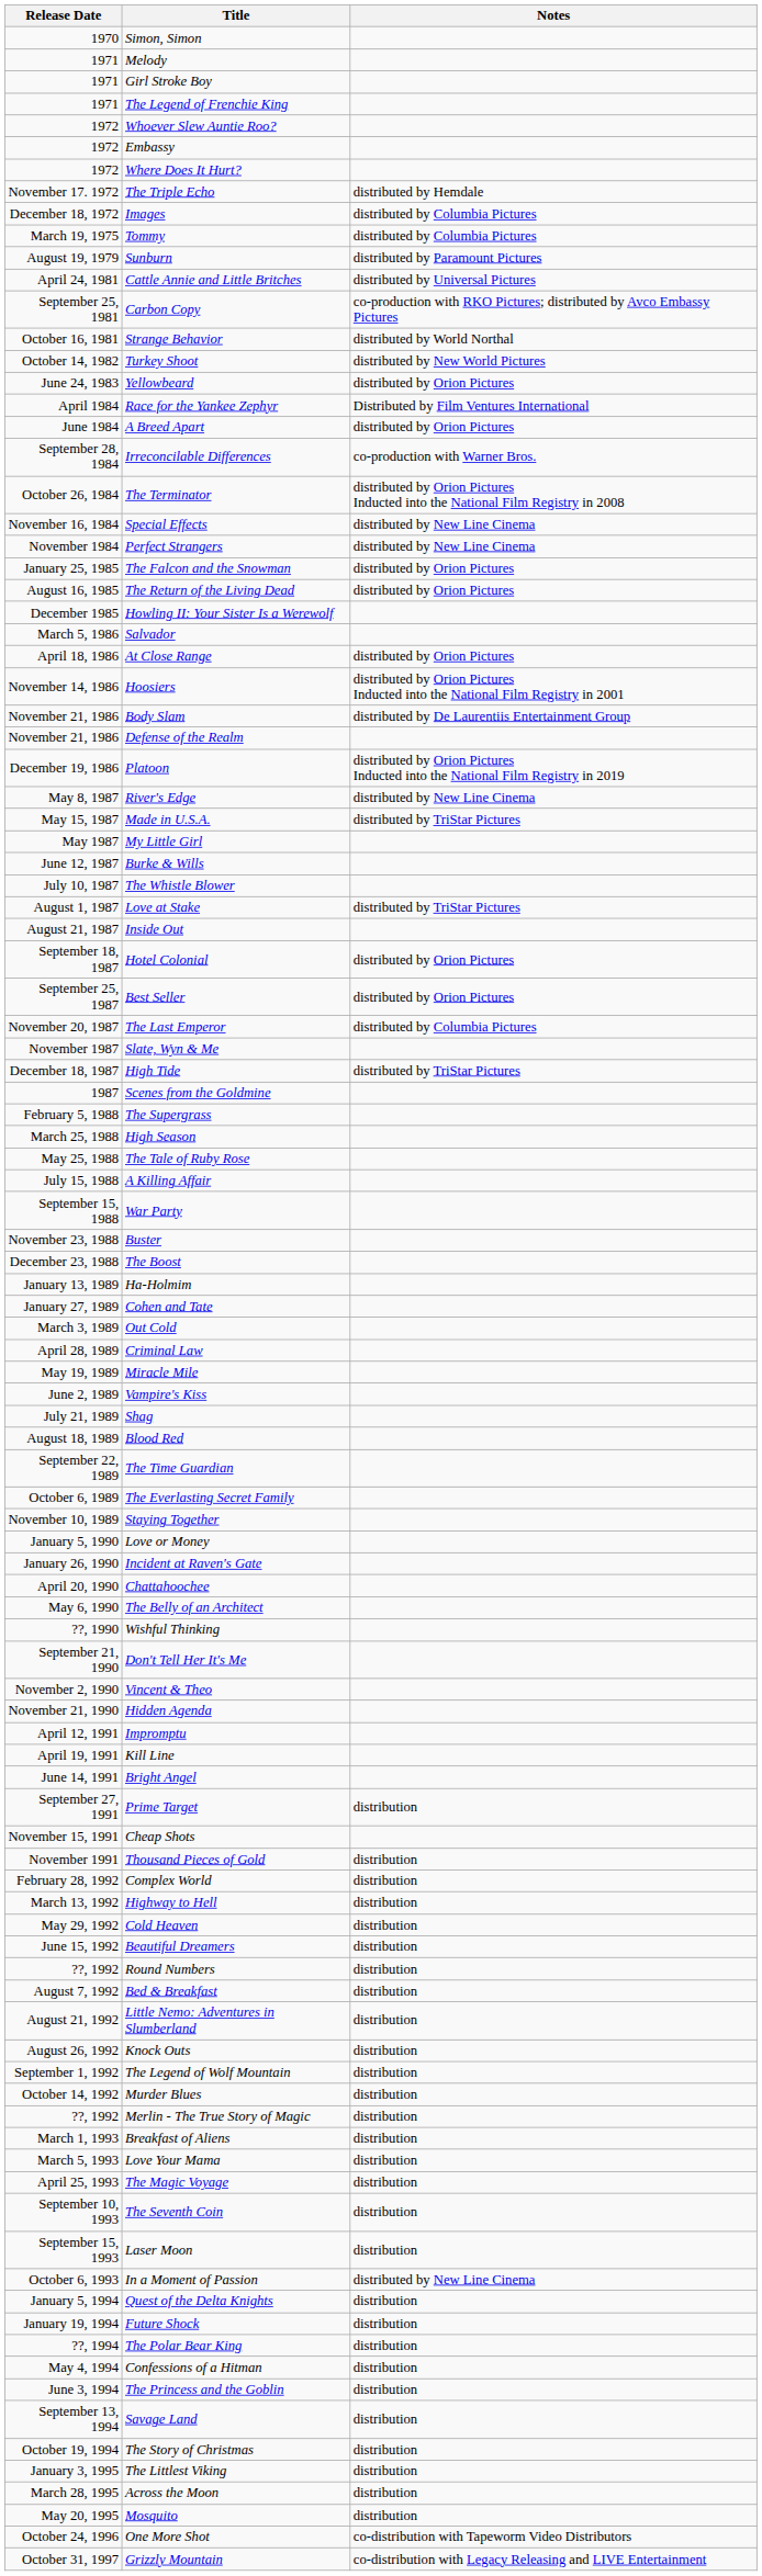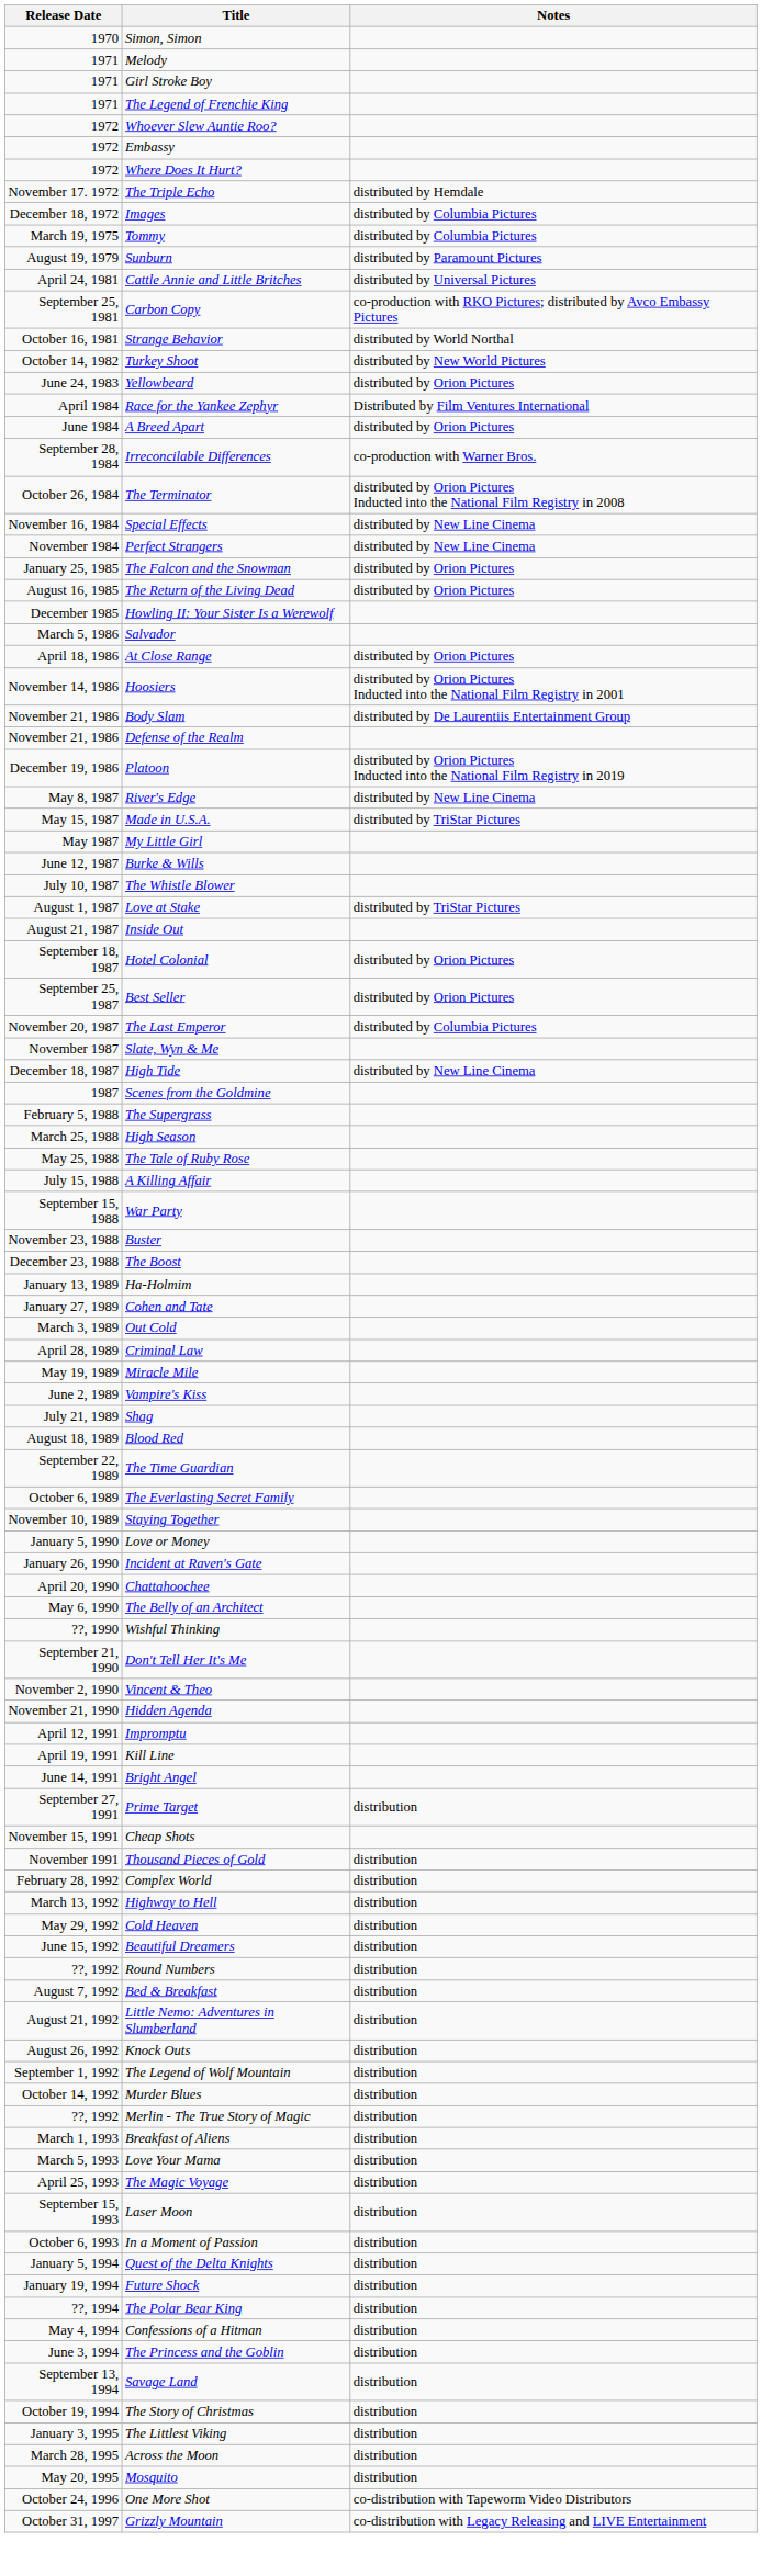 <table class="wikitable sortable">
 <tr>
 <th>Release Date</th>
 <th>Title</th>
 <th>Notes</th>
 </tr>
 <tr>
 <td style=text-align:right>1970</td>
 <td><em>Simon, Simon</em></td>
 <td></td>
 </tr>
 <tr>
 <td style=text-align:right>1971</td>
 <td><em>Melody</em></td>
 <td></td>
 </tr>
 <tr>
 <td style=text-align:right>1971</td>
 <td><em>Girl Stroke Boy</em></td>
 <td></td>
 </tr>
 <tr>
 <td style=text-align:right>1971</td>
 <td><em><a href='#'>The Legend of Frenchie King</a></em></td>
 <td></td>
 </tr>
 <tr>
 <td style=text-align:right>1972</td>
 <td><em><a href='#'>Whoever Slew Auntie Roo?</a></em></td>
 <td></td>
 </tr>
 <tr>
 <td style=text-align:right>1972</td>
 <td><em>Embassy</em></td>
 <td></td>
 </tr>
 <tr>
 <td style=text-align:right>1972</td>
 <td><em><a href='#'>Where Does It Hurt?</a></em></td>
 <td></td>
 </tr>
 <tr>
 <td style=text-align:right>November 17. 1972</td>
 <td><em><a href='#'>The Triple Echo</a></em></td>
 <td>distributed by Hemdale</td>
 </tr>
 <tr>
 <td style=text-align:right>December 18, 1972</td>
 <td><em><a href='#'>Images</a></em></td>
 <td>distributed by <a href='#'>Columbia Pictures</a></td>
 </tr>
 <tr>
 <td style="text-align:right">March 19, 1975</td>
 <td><em><a href='#'>Tommy</a></em></td>
 <td>distributed by <a href='#'>Columbia Pictures</a></td>
 </tr>
 <tr>
 <td style="text-align:right;">August 19, 1979</td>
 <td><em><a href='#'>Sunburn</a></em></td>
 <td>distributed by <a href='#'>Paramount Pictures</a></td>
 </tr>
 <tr>
 <td style="text-align:right;">April 24, 1981</td>
 <td><em><a href='#'>Cattle Annie and Little Britches</a></em></td>
 <td>distributed by <a href='#'>Universal Pictures</a></td>
 </tr>
 <tr>
 <td style="text-align:right;">September 25, 1981</td>
 <td><em><a href='#'>Carbon Copy</a></em></td>
 <td>co-production with <a href='#'>RKO Pictures</a>; distributed by <a href='#'>Avco Embassy Pictures</a></td>
 </tr>
 <tr>
 <td style="text-align:right;">October 16, 1981</td>
 <td><em><a href='#'>Strange Behavior</a></em></td>
 <td>distributed by World Northal</td>
 </tr>
 <tr>
 <td style="text-align:right;">October 14, 1982</td>
 <td><em><a href='#'>Turkey Shoot</a></em></td>
 <td>distributed by <a href='#'>New World Pictures</a></td>
 </tr>
 <tr>
 <td style="text-align:right;">June 24, 1983</td>
 <td><em><a href='#'>Yellowbeard</a></em></td>
 <td>distributed by <a href='#'>Orion Pictures</a></td>
 </tr>
 <tr>
 <td style="text-align:right;">April 1984</td>
 <td><em><a href='#'>Race for the Yankee Zephyr</a></em></td>
 <td>Distributed by <a href='#'>Film Ventures International</a></td>
 </tr>
 <tr>
 <td style="text-align:right;">June 1984</td>
 <td><em><a href='#'>A Breed Apart</a></em></td>
 <td>distributed by <a href='#'>Orion Pictures</a></td>
 </tr>
 <tr>
 <td style="text-align:right;">September 28, 1984</td>
 <td><em><a href='#'>Irreconcilable Differences</a></em></td>
 <td>co-production with <a href='#'>Warner Bros.</a></td>
 </tr>
 <tr>
 <td style="text-align:right;">October 26, 1984</td>
 <td><em><a href='#'>The Terminator</a></em></td>
 <td>distributed by <a href='#'>Orion Pictures</a><br>Inducted into the <a href='#'>National Film Registry</a> in 2008</td>
 </tr>
 <tr>
 <td style="text-align:right;">November 16, 1984</td>
 <td><em><a href='#'>Special Effects</a></em></td>
 <td>distributed by <a href='#'>New Line Cinema</a></td>
 </tr>
 <tr>
 <td style="text-align:right;">November 1984</td>
 <td><em><a href='#'>Perfect Strangers</a></em></td>
 <td>distributed by <a href='#'>New Line Cinema</a></td>
 </tr>
 <tr>
 <td style="text-align:right;">January 25, 1985</td>
 <td><em><a href='#'>The Falcon and the Snowman</a></em></td>
 <td>distributed by <a href='#'>Orion Pictures</a></td>
 </tr>
 <tr>
 <td style="text-align:right;">August 16, 1985</td>
 <td><em><a href='#'>The Return of the Living Dead</a></em></td>
 <td>distributed by <a href='#'>Orion Pictures</a></td>
 </tr>
 <tr>
 <td style="text-align:right;">December 1985</td>
 <td><em><a href='#'>Howling II: Your Sister Is a Werewolf</a></em></td>
 <td></td>
 </tr>
 <tr>
 <td style="text-align:right;">March 5, 1986</td>
 <td><em><a href='#'>Salvador</a></em></td>
 <td></td>
 </tr>
 <tr>
 <td style="text-align:right;">April 18, 1986</td>
 <td><em><a href='#'>At Close Range</a></em></td>
 <td>distributed by <a href='#'>Orion Pictures</a></td>
 </tr>
 <tr>
 <td style="text-align:right;">November 14, 1986</td>
 <td><em><a href='#'>Hoosiers</a></em></td>
 <td>distributed by <a href='#'>Orion Pictures</a><br>Inducted into the <a href='#'>National Film Registry</a> in 2001</td>
 </tr>
 <tr>
 <td style="text-align:right;">November 21, 1986</td>
 <td><em><a href='#'>Body Slam</a></em></td>
 <td>distributed by <a href='#'>De Laurentiis Entertainment Group</a></td>
 </tr>
 <tr>
 <td style="text-align:right;">November 21, 1986</td>
 <td><em><a href='#'>Defense of the Realm</a></em></td>
 <td></td>
 </tr>
 <tr>
 <td style="text-align:right;">December 19, 1986</td>
 <td><em><a href='#'>Platoon</a></em></td>
 <td>distributed by <a href='#'>Orion Pictures</a><br>Inducted into the <a href='#'>National Film Registry</a> in 2019</td>
 </tr>
 <tr>
 <td style="text-align:right;">May 8, 1987</td>
 <td><em><a href='#'>River's Edge</a></em></td>
 <td>distributed by <a href='#'>New Line Cinema</a></td>
 </tr>
 <tr>
 <td style="text-align:right;">May 15, 1987</td>
 <td><em><a href='#'>Made in U.S.A.</a></em></td>
 <td>distributed by <a href='#'>TriStar Pictures</a></td>
 </tr>
 <tr>
 <td style="text-align:right;">May 1987</td>
 <td><em><a href='#'>My Little Girl</a></em></td>
 <td></td>
 </tr>
 <tr>
 <td style="text-align:right;">June 12, 1987</td>
 <td><em><a href='#'>Burke & Wills</a></em></td>
 <td></td>
 </tr>
 <tr>
 <td style="text-align:right;">July 10, 1987</td>
 <td><em><a href='#'>The Whistle Blower</a></em></td>
 <td></td>
 </tr>
 <tr>
 <td style="text-align:right;">August 1, 1987</td>
 <td><em><a href='#'>Love at Stake</a></em></td>
 <td>distributed by <a href='#'>TriStar Pictures</a></td>
 </tr>
 <tr>
 <td style="text-align:right;">August 21, 1987</td>
 <td><em><a href='#'>Inside Out</a></em></td>
 <td></td>
 </tr>
 <tr>
 <td style="text-align:right;">September 18, 1987</td>
 <td><em><a href='#'>Hotel Colonial</a></em></td>
 <td>distributed by <a href='#'>Orion Pictures</a></td>
 </tr>
 <tr>
 <td style="text-align:right;">September 25, 1987</td>
 <td><em><a href='#'>Best Seller</a></em></td>
 <td>distributed by <a href='#'>Orion Pictures</a></td>
 </tr>
 <tr>
 <td style="text-align:right;">November 20, 1987</td>
 <td><em><a href='#'>The Last Emperor</a></em></td>
 <td>distributed by <a href='#'>Columbia Pictures</a></td>
 </tr>
 <tr>
 <td style="text-align:right;">November 1987</td>
 <td><em><a href='#'>Slate, Wyn & Me</a></em></td>
 <td></td>
 </tr>
 <tr>
 <td style="text-align:right;">December 18, 1987</td>
 <td><em><a href='#'>High Tide</a></em></td>
-<td>distributed by <a href='#'>TriStar Pictures</a></td>
+<td>distributed by <a href='#'>New Line Cinema</a></td>
 </tr>
 <tr>
 <td style="text-align:right;">1987</td>
 <td><em><a href='#'>Scenes from the Goldmine</a></em></td>
 <td></td>
 </tr>
 <tr>
 <td style="text-align:right;">February 5, 1988</td>
 <td><em><a href='#'>The Supergrass</a></em></td>
 <td></td>
 </tr>
 <tr>
 <td style="text-align:right;">March 25, 1988</td>
 <td><em><a href='#'>High Season</a></em></td>
 <td></td>
 </tr>
 <tr>
 <td style="text-align:right;">May 25, 1988</td>
 <td><em><a href='#'>The Tale of Ruby Rose</a></em></td>
 <td></td>
 </tr>
 <tr>
 <td style="text-align:right;">July 15, 1988</td>
 <td><em><a href='#'>A Killing Affair</a></em></td>
 <td></td>
 </tr>
 <tr>
 <td style="text-align:right;">September 15, 1988</td>
 <td><em><a href='#'>War Party</a></em></td>
 <td></td>
 </tr>
 <tr>
 <td style="text-align:right;">November 23, 1988</td>
 <td><em><a href='#'>Buster</a></em></td>
 <td></td>
 </tr>
 <tr>
 <td style="text-align:right;">December 23, 1988</td>
 <td><em><a href='#'>The Boost</a></em></td>
 <td></td>
 </tr>
 <tr>
 <td style="text-align:right;">January 13, 1989</td>
 <td><em>Ha-Holmim</em></td>
 <td></td>
 </tr>
 <tr>
 <td style="text-align:right;">January 27, 1989</td>
 <td><em><a href='#'>Cohen and Tate</a></em></td>
 <td></td>
 </tr>
 <tr>
 <td style="text-align:right;">March 3, 1989</td>
 <td><em><a href='#'>Out Cold</a></em></td>
 <td></td>
 </tr>
 <tr>
 <td style="text-align:right;">April 28, 1989</td>
 <td><em><a href='#'>Criminal Law</a></em></td>
 <td></td>
 </tr>
 <tr>
 <td style="text-align:right;">May 19, 1989</td>
 <td><em><a href='#'>Miracle Mile</a></em></td>
 <td></td>
 </tr>
 <tr>
 <td style="text-align:right;">June 2, 1989</td>
 <td><em><a href='#'>Vampire's Kiss</a></em></td>
 <td></td>
 </tr>
 <tr>
 <td style="text-align:right;">July 21, 1989</td>
 <td><em><a href='#'>Shag</a></em></td>
 <td></td>
 </tr>
 <tr>
 <td style="text-align:right;">August 18, 1989</td>
 <td><em><a href='#'>Blood Red</a></em></td>
 <td></td>
 </tr>
 <tr>
 <td style="text-align:right;">September 22, 1989</td>
 <td><em><a href='#'>The Time Guardian</a></em></td>
 <td></td>
 </tr>
 <tr>
 <td style="text-align:right;">October 6, 1989</td>
 <td><em><a href='#'>The Everlasting Secret Family</a></em></td>
 <td></td>
 </tr>
 <tr>
 <td style="text-align:right;">November 10, 1989</td>
 <td><em><a href='#'>Staying Together</a></em></td>
 <td></td>
 </tr>
 <tr>
 <td style="text-align:right;">January 5, 1990</td>
 <td><em>Love or Money</em></td>
 <td></td>
 </tr>
 <tr>
 <td style="text-align:right;">January 26, 1990</td>
 <td><em><a href='#'>Incident at Raven's Gate</a></em></td>
 <td></td>
 </tr>
 <tr>
 <td style="text-align:right;">April 20, 1990</td>
 <td><em><a href='#'>Chattahoochee</a></em></td>
 <td></td>
 </tr>
 <tr>
 <td style="text-align:right;">May 6, 1990</td>
 <td><em><a href='#'>The Belly of an Architect</a></em></td>
 <td></td>
 </tr>
 <tr>
 <td style="text-align:right;">??, 1990</td>
 <td><em>Wishful Thinking</em></td>
 <td></td>
 </tr>
 <tr>
 <td style="text-align:right;">September 21, 1990</td>
 <td><em><a href='#'>Don't Tell Her It's Me</a></em></td>
 <td></td>
 </tr>
 <tr>
 <td style="text-align:right;">November 2, 1990</td>
 <td><em><a href='#'>Vincent & Theo</a></em></td>
 <td></td>
 </tr>
 <tr>
 <td style="text-align:right;">November 21, 1990</td>
 <td><em><a href='#'>Hidden Agenda</a></em></td>
 <td></td>
 </tr>
 <tr>
 <td style="text-align:right;">April 12, 1991</td>
 <td><em><a href='#'>Impromptu</a></em></td>
 <td></td>
 </tr>
 <tr>
 <td style="text-align:right;">April 19, 1991</td>
 <td><em>Kill Line</em></td>
 <td></td>
 </tr>
 <tr>
 <td style="text-align:right;">June 14, 1991</td>
 <td><em><a href='#'>Bright Angel</a></em></td>
 <td></td>
 </tr>
 <tr>
 <td style="text-align:right;">September 27, 1991</td>
 <td><em><a href='#'>Prime Target</a></em></td>
 <td>distribution</td>
 </tr>
 <tr>
 <td style="text-align:right;">November 15, 1991</td>
 <td><em>Cheap Shots</em></td>
 <td></td>
 </tr>
 <tr>
 <td style="text-align:right;">November 1991</td>
 <td><em><a href='#'>Thousand Pieces of Gold</a></em></td>
 <td>distribution</td>
 </tr>
 <tr>
 <td style="text-align:right;">February 28, 1992</td>
 <td><em>Complex World</em></td>
 <td>distribution</td>
 </tr>
 <tr>
 <td style="text-align:right;">March 13, 1992</td>
 <td><em><a href='#'>Highway to Hell</a></em></td>
 <td>distribution</td>
 </tr>
 <tr>
 <td style="text-align:right;">May 29, 1992</td>
 <td><em><a href='#'>Cold Heaven</a></em></td>
 <td>distribution</td>
 </tr>
 <tr>
 <td style="text-align:right;">June 15, 1992</td>
 <td><em><a href='#'>Beautiful Dreamers</a></em></td>
 <td>distribution</td>
 </tr>
 <tr>
 <td style="text-align:right;">??, 1992</td>
 <td><em>Round Numbers</em></td>
 <td>distribution</td>
 </tr>
 <tr>
 <td style="text-align:right;">August 7, 1992</td>
 <td><em><a href='#'>Bed & Breakfast</a></em></td>
 <td>distribution</td>
 </tr>
 <tr>
 <td style="text-align:right;">August 21, 1992</td>
 <td><em><a href='#'>Little Nemo: Adventures in Slumberland</a></em></td>
 <td>distribution</td>
 </tr>
 <tr>
 <td style="text-align:right;">August 26, 1992</td>
 <td><em>Knock Outs</em></td>
 <td>distribution</td>
 </tr>
 <tr>
 <td style="text-align:right;">September 1, 1992</td>
 <td><em>The Legend of Wolf Mountain</em></td>
 <td>distribution</td>
 </tr>
 <tr>
 <td style="text-align:right;">October 14, 1992</td>
 <td><em>Murder Blues</em></td>
 <td>distribution</td>
 </tr>
 <tr>
 <td style="text-align:right;">??, 1992</td>
 <td><em>Merlin - The True Story of Magic</em></td>
 <td>distribution</td>
 </tr>
 <tr>
 <td style="text-align:right;">March 1, 1993</td>
 <td><em>Breakfast of Aliens</em></td>
 <td>distribution</td>
 </tr>
 <tr>
 <td style="text-align:right;">March 5, 1993</td>
 <td><em>Love Your Mama</em></td>
 <td>distribution</td>
 </tr>
 <tr>
 <td style="text-align:right;">April 25, 1993</td>
 <td><em><a href='#'>The Magic Voyage</a></em></td>
 <td>distribution</td>
 </tr>
 <tr>
-<td style="text-align:right;">September 10, 1993</td>
-<td><em><a href='#'>The Seventh Coin</a></em></td>
-<td>distribution</td>
-</tr>
-<tr>
 <td style="text-align:right;">September 15, 1993</td>
 <td><em>Laser Moon</em></td>
 <td>distribution</td>
 </tr>
 <tr>
 <td style="text-align:right;">October 6, 1993</td>
 <td><em>In a Moment of Passion</em></td>
-<td>distributed by <a href='#'>New Line Cinema</a></td>
+<td>distribution</td>
 </tr>
 <tr>
 <td style="text-align:right;">January 5, 1994</td>
 <td><em><a href='#'>Quest of the Delta Knights</a></em></td>
 <td>distribution</td>
 </tr>
 <tr>
 <td style="text-align:right;">January 19, 1994</td>
 <td><em><a href='#'>Future Shock</a></em></td>
 <td>distribution</td>
 </tr>
 <tr>
 <td style="text-align:right;">??, 1994</td>
 <td><em><a href='#'>The Polar Bear King</a></em></td>
 <td>distribution</td>
 </tr>
 <tr>
 <td style="text-align:right;">May 4, 1994</td>
 <td><em>Confessions of a Hitman</em></td>
 <td>distribution</td>
 </tr>
 <tr>
 <td style="text-align:right;">June 3, 1994</td>
 <td><em><a href='#'>The Princess and the Goblin</a></em></td>
 <td>distribution</td>
 </tr>
 <tr>
 <td style="text-align:right;">September 13, 1994</td>
 <td><em><a href='#'>Savage Land</a></em></td>
 <td>distribution</td>
 </tr>
 <tr>
 <td style="text-align:right;">October 19, 1994</td>
 <td><em>The Story of Christmas</em></td>
 <td>distribution</td>
 </tr>
 <tr>
 <td style="text-align:right;">January 3, 1995</td>
 <td><em>The Littlest Viking</em></td>
 <td>distribution</td>
 </tr>
 <tr>
 <td style="text-align:right;">March 28, 1995</td>
 <td><em>Across the Moon</em></td>
 <td>distribution</td>
 </tr>
 <tr>
 <td style="text-align:right;">May 20, 1995</td>
 <td><em><a href='#'>Mosquito</a></em></td>
 <td>distribution</td>
 </tr>
 <tr>
 <td style="text-align:right;">October 24, 1996</td>
 <td><em>One More Shot</em></td>
 <td>co-distribution with Tapeworm Video Distributors</td>
 </tr>
 <tr>
 <td style="text-align:right;">October 31, 1997</td>
 <td><em><a href='#'>Grizzly Mountain</a></em></td>
 <td>co-distribution with <a href='#'>Legacy Releasing</a> and <a href='#'>LIVE Entertainment</a></td>
 </tr>
 </table>
